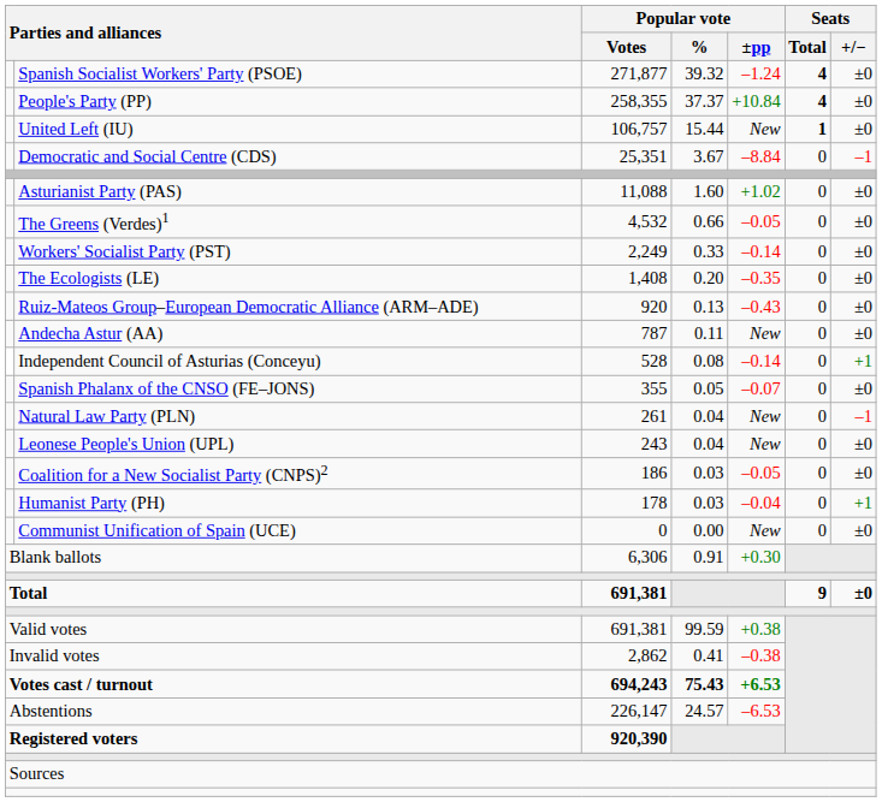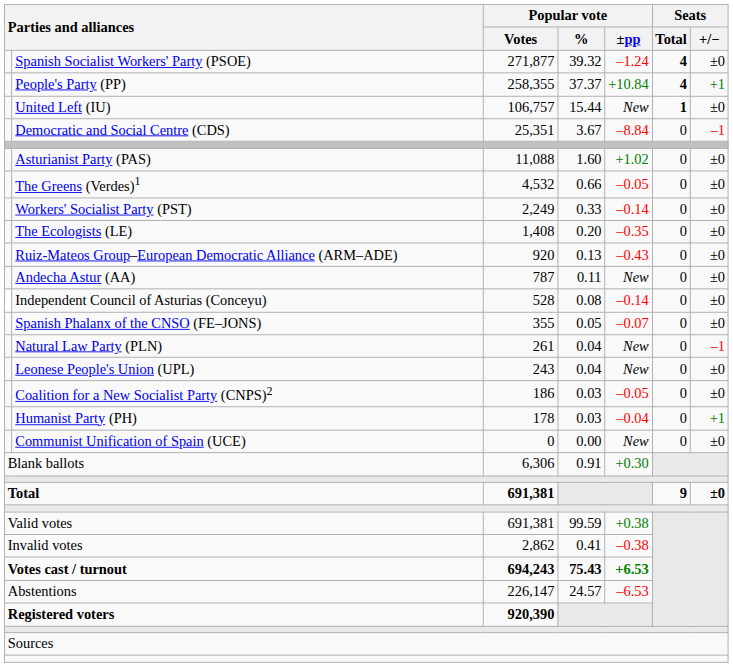 <table class="wikitable" style="text-align:right;">
 <tr>
 <th style="text-align:left;" rowspan="2" colspan="2" width="525">Parties and alliances</th>
 <th colspan="3">Popular vote</th>
 <th colspan="2">Seats</th>
 </tr>
 <tr>
 <th width="75">Votes</th>
 <th width="45">%</th>
 <th width="45">±<a href='#'>pp</a></th>
 <th width="35">Total</th>
 <th width="35">+/−</th>
 </tr>
 <tr>
 <td width="1" style="color:inherit;background:"></td>
 <td align="left"><a href='#'>Spanish Socialist Workers' Party</a> (PSOE)</td>
 <td>271,877</td>
 <td>39.32</td>
 <td style="color:red;">–1.24</td>
 <td><strong>4</strong></td>
 <td>±0</td>
 </tr>
 <tr>
 <td style="color:inherit;background:"></td>
 <td align="left"><a href='#'>People's Party</a> (PP)</td>
 <td>258,355</td>
 <td>37.37</td>
 <td style="color:green;">+10.84</td>
 <td><strong>4</strong></td>
-<td>±0</td>
+<td style="color:green;">+1</td>
 </tr>
 <tr>
 <td style="color:inherit;background:"></td>
 <td align="left"><a href='#'>United Left</a> (IU)</td>
 <td>106,757</td>
 <td>15.44</td>
 <td><em>New</em></td>
 <td><strong>1</strong></td>
 <td>±0</td>
 </tr>
 <tr>
 <td style="color:inherit;background:"></td>
 <td align="left"><a href='#'>Democratic and Social Centre</a> (CDS)</td>
 <td>25,351</td>
 <td>3.67</td>
 <td style="color:red;">–8.84</td>
 <td>0</td>
 <td style="color:red;">–1</td>
 </tr>
 <tr>
 <td colspan="7" bgcolor="#C0C0C0"></td>
 </tr>
 <tr>
 <td style="color:inherit;background:"></td>
 <td align="left"><a href='#'>Asturianist Party</a> (PAS)</td>
 <td>11,088</td>
 <td>1.60</td>
 <td style="color:green;">+1.02</td>
 <td>0</td>
 <td>±0</td>
 </tr>
 <tr>
 <td style="color:inherit;background:"></td>
 <td align="left"><a href='#'>The Greens</a> (Verdes)<sup>1</sup></td>
 <td>4,532</td>
 <td>0.66</td>
 <td style="color:red;">–0.05</td>
 <td>0</td>
 <td>±0</td>
 </tr>
 <tr>
 <td style="color:inherit;background:"></td>
 <td align="left"><a href='#'>Workers' Socialist Party</a> (PST)</td>
 <td>2,249</td>
 <td>0.33</td>
 <td style="color:red;">–0.14</td>
 <td>0</td>
 <td>±0</td>
 </tr>
 <tr>
 <td style="color:inherit;background:"></td>
 <td align="left"><a href='#'>The Ecologists</a> (LE)</td>
 <td>1,408</td>
 <td>0.20</td>
 <td style="color:red;">–0.35</td>
 <td>0</td>
 <td>±0</td>
 </tr>
 <tr>
 <td style="color:inherit;background:"></td>
 <td align="left"><a href='#'>Ruiz-Mateos Group</a>–<a href='#'>European Democratic Alliance</a> (ARM–ADE)</td>
 <td>920</td>
 <td>0.13</td>
 <td style="color:red;">–0.43</td>
 <td>0</td>
 <td>±0</td>
 </tr>
 <tr>
 <td style="color:inherit;background:"></td>
 <td align="left"><a href='#'>Andecha Astur</a> (AA)</td>
 <td>787</td>
 <td>0.11</td>
 <td><em>New</em></td>
 <td>0</td>
 <td>±0</td>
 </tr>
 <tr>
 <td bgcolor="white"></td>
 <td align="left">Independent Council of Asturias (Conceyu)</td>
 <td>528</td>
 <td>0.08</td>
 <td style="color:red;">–0.14</td>
 <td>0</td>
-<td style="color:green;">+1</td>
+<td>±0</td>
 </tr>
 <tr>
 <td style="color:inherit;background:"></td>
 <td align="left"><a href='#'>Spanish Phalanx of the CNSO</a> (FE–JONS)</td>
 <td>355</td>
 <td>0.05</td>
 <td style="color:red;">–0.07</td>
 <td>0</td>
 <td>±0</td>
 </tr>
 <tr>
 <td style="color:inherit;background:"></td>
 <td align="left"><a href='#'>Natural Law Party</a> (PLN)</td>
 <td>261</td>
 <td>0.04</td>
 <td><em>New</em></td>
 <td>0</td>
 <td style="color:red;">–1</td>
 </tr>
 <tr>
 <td style="color:inherit;background:"></td>
 <td align="left"><a href='#'>Leonese People's Union</a> (UPL)</td>
 <td>243</td>
 <td>0.04</td>
 <td><em>New</em></td>
 <td>0</td>
 <td>±0</td>
 </tr>
 <tr>
 <td style="color:inherit;background:"></td>
 <td align="left"><a href='#'>Coalition for a New Socialist Party</a> (CNPS)<sup>2</sup></td>
 <td>186</td>
 <td>0.03</td>
 <td style="color:red;">–0.05</td>
 <td>0</td>
 <td>±0</td>
 </tr>
 <tr>
 <td style="color:inherit;background:"></td>
 <td align="left"><a href='#'>Humanist Party</a> (PH)</td>
 <td>178</td>
 <td>0.03</td>
 <td style="color:red;">–0.04</td>
 <td>0</td>
 <td style="color:green;">+1</td>
 </tr>
 <tr>
 <td style="color:inherit;background:"></td>
 <td align="left"><a href='#'>Communist Unification of Spain</a> (UCE)</td>
 <td>0</td>
 <td>0.00</td>
 <td><em>New</em></td>
 <td>0</td>
 <td>±0</td>
 </tr>
 <tr>
 <td align="left" colspan="2">Blank ballots</td>
 <td>6,306</td>
 <td>0.91</td>
 <td style="color:green;">+0.30</td>
 <td bgcolor="#E9E9E9" colspan="2"></td>
 </tr>
 <tr>
 <td colspan="7" bgcolor="#E9E9E9"></td>
 </tr>
 <tr style="font-weight:bold;">
 <td align="left" colspan="2">Total</td>
 <td>691,381</td>
 <td bgcolor="#E9E9E9" colspan="2"></td>
 <td>9</td>
 <td>±0</td>
 </tr>
 <tr>
 <td colspan="7" bgcolor="#E9E9E9"></td>
 </tr>
 <tr>
 <td align="left" colspan="2">Valid votes</td>
 <td>691,381</td>
 <td>99.59</td>
 <td style="color:green;">+0.38</td>
 <td bgcolor="#E9E9E9" colspan="2" rowspan="5"></td>
 </tr>
 <tr>
 <td align="left" colspan="2">Invalid votes</td>
 <td>2,862</td>
 <td>0.41</td>
 <td style="color:red;">–0.38</td>
 </tr>
 <tr style="font-weight:bold;">
 <td align="left" colspan="2">Votes cast / turnout</td>
 <td>694,243</td>
 <td>75.43</td>
 <td style="color:green;">+6.53</td>
 </tr>
 <tr>
 <td align="left" colspan="2">Abstentions</td>
 <td>226,147</td>
 <td>24.57</td>
 <td style="color:red;">–6.53</td>
 </tr>
 <tr style="font-weight:bold;">
 <td align="left" colspan="2">Registered voters</td>
 <td>920,390</td>
 <td bgcolor="#E9E9E9" colspan="2"></td>
 </tr>
 <tr>
 <td colspan="7" bgcolor="#E9E9E9"></td>
 </tr>
 <tr>
 <td align="left" colspan="7">Sources</td>
 </tr>
 <tr>
 <td colspan="7" style="text-align:left; max-width:790px;"></td>
 </tr>
 </table>
